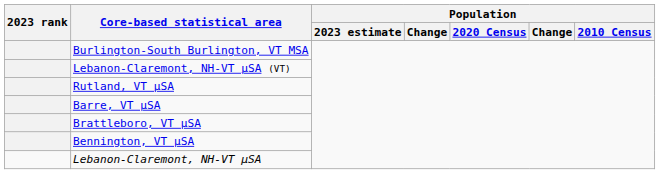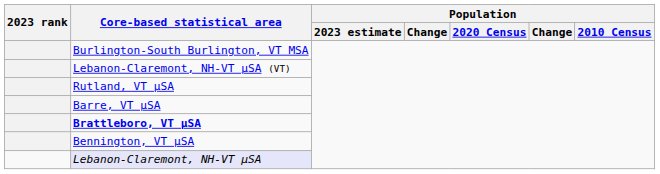 <table class="wikitable sortable">
 <tr>
 <th scope=col rowspan=2>2023 rank</th>
 <th scope=col rowspan=2><a href='#'>Core-based statistical area</a></th>
 <th colspan=5>Population</th>
 </tr>
 <tr>
 <th scope=col>2023 estimate</th>
 <th scope=col>Change</th>
 <th scope=col><a href='#'>2020 Census</a></th>
 <th scope=col>Change</th>
 <th scope=col><a href='#'>2010 Census</a></th>
 </tr>
 <tr>
 <th scope=row></th>
 <td><a href='#'>Burlington-South Burlington, VT MSA</a><br></td>
 </tr>
 <tr>
 <th scope=row></th>
 <td><a href='#'>Lebanon-Claremont, NH-VT μSA</a> <small>(VT)</small><br></td>
 </tr>
 <tr>
 <th scope=row></th>
 <td><a href='#'>Rutland, VT μSA</a><br></td>
 </tr>
 <tr>
 <th scope=row></th>
 <td><a href='#'>Barre, VT μSA</a><br></td>
 </tr>
 <tr>
 <th scope=row></th>
-<td><a href='#'>Brattleboro, VT μSA</a><br></td>
+<td><strong><a href='#'>Brattleboro, VT μSA</a><br></strong></td>
 </tr>
 <tr>
 <th scope=row></th>
 <td><a href='#'>Bennington, VT μSA</a><br></td>
 </tr>
 <tr>
 <td></td>
-<td><em><span>Lebanon-Claremont, NH-VT μSA</span></em><br></td>
+<td style="background: lavender;"><em><span>Lebanon-Claremont, NH-VT μSA</span></em><br></td>
 </tr>
 </table>
